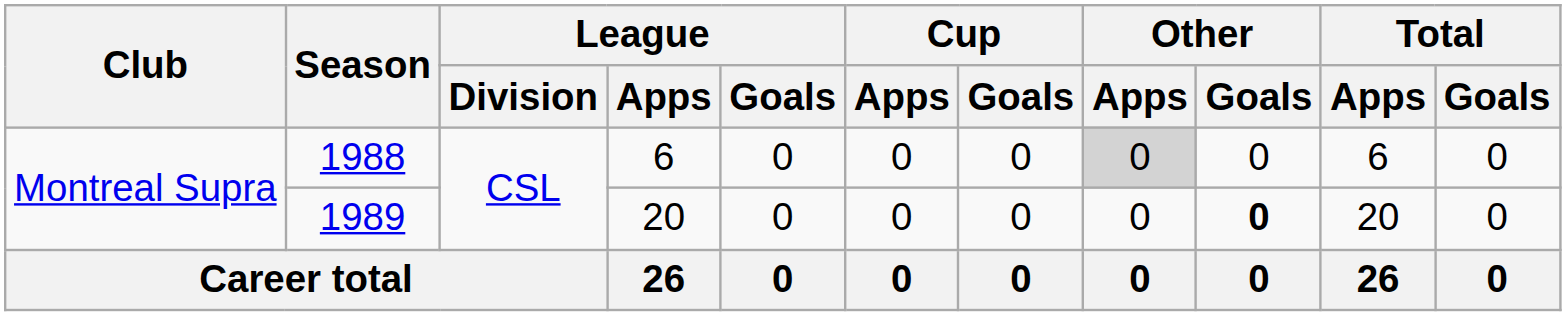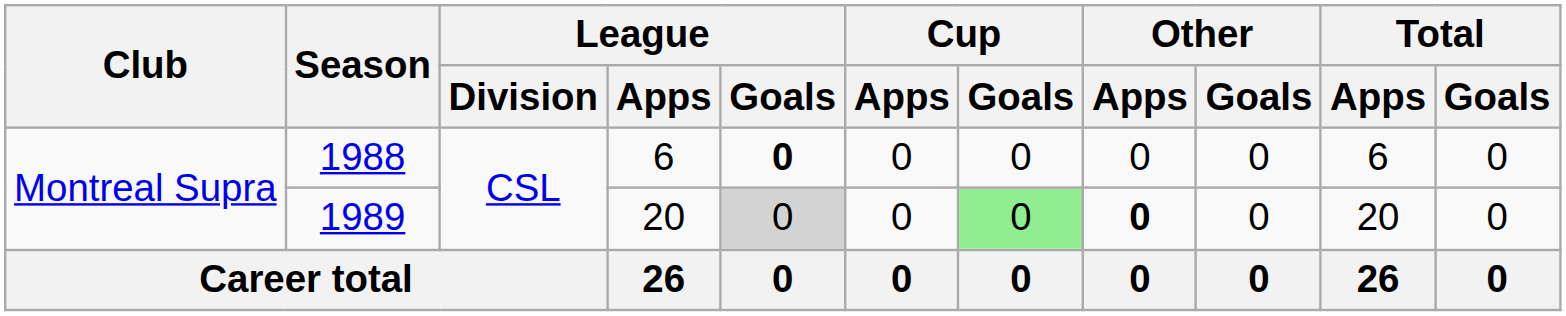 <table class="wikitable" style="text-align: center">
 <tr>
 <th rowspan="2">Club</th>
 <th rowspan="2">Season</th>
 <th colspan="3">League</th>
 <th colspan="2">Cup</th>
 <th colspan="2">Other</th>
 <th colspan="2">Total</th>
 </tr>
 <tr>
 <th>Division</th>
 <th>Apps</th>
 <th>Goals</th>
 <th>Apps</th>
 <th>Goals</th>
 <th>Apps</th>
 <th>Goals</th>
 <th>Apps</th>
 <th>Goals</th>
 </tr>
 <tr>
 <td rowspan="2"><a href='#'>Montreal Supra</a></td>
 <td><a href='#'>1988</a></td>
 <td rowspan="2"><a href='#'>CSL</a></td>
 <td>6</td>
+<td><strong>0</strong></td>
 <td>0</td>
 <td>0</td>
 <td>0</td>
-<td style="background: lightgrey;">0</td>
 <td>0</td>
 <td>6</td>
 <td>0</td>
 </tr>
 <tr>
 <td><a href='#'>1989</a></td>
 <td>20</td>
+<td style="background: lightgrey;">0</td>
 <td>0</td>
+<td style="background: lightgreen;">0</td>
+<td><strong>0</strong></td>
 <td>0</td>
-<td>0</td>
-<td>0</td>
-<td><strong>0</strong></td>
 <td>20</td>
 <td>0</td>
 </tr>
 <tr>
 <th colspan="3"><strong>Career total</strong></th>
 <th>26</th>
 <th>0</th>
 <th>0</th>
 <th>0</th>
 <th>0</th>
 <th>0</th>
 <th>26</th>
 <th>0</th>
 </tr>
 </table>
